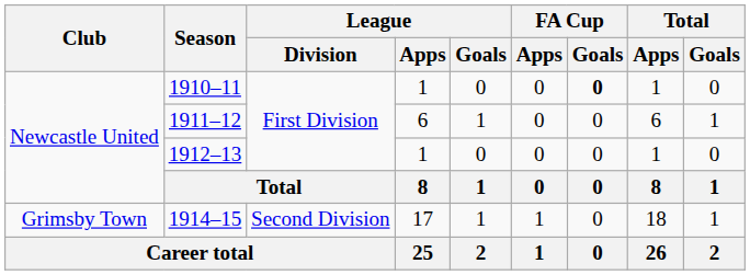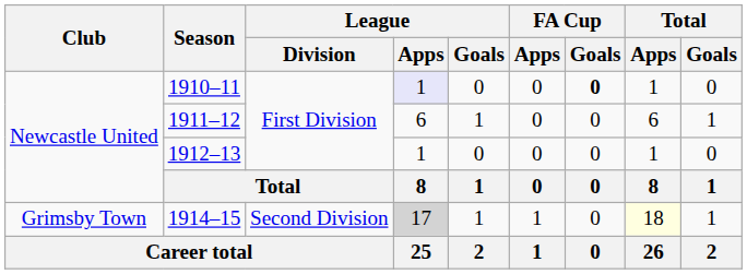 <table class="wikitable" style="text-align: center">
 <tr>
 <th rowspan="2">Club</th>
 <th rowspan="2">Season</th>
 <th colspan="3">League</th>
 <th colspan="2">FA Cup</th>
 <th colspan="2">Total</th>
 </tr>
 <tr>
 <th>Division</th>
 <th>Apps</th>
 <th>Goals</th>
 <th>Apps</th>
 <th>Goals</th>
 <th>Apps</th>
 <th>Goals</th>
 </tr>
 <tr>
 <td rowspan="4"><a href='#'>Newcastle United</a></td>
 <td><a href='#'>1910–11</a></td>
 <td rowspan="3"><a href='#'>First Division</a></td>
-<td>1</td>
+<td style="background: lavender;">1</td>
 <td>0</td>
 <td>0</td>
 <td><strong>0</strong></td>
 <td>1</td>
 <td>0</td>
 </tr>
 <tr>
 <td><a href='#'>1911–12</a></td>
 <td>6</td>
 <td>1</td>
 <td>0</td>
 <td>0</td>
 <td>6</td>
 <td>1</td>
 </tr>
 <tr>
 <td><a href='#'>1912–13</a></td>
 <td>1</td>
 <td>0</td>
 <td>0</td>
 <td>0</td>
 <td>1</td>
 <td>0</td>
 </tr>
 <tr>
 <th colspan="2">Total</th>
 <th>8</th>
 <th>1</th>
 <th>0</th>
 <th>0</th>
 <th>8</th>
 <th>1</th>
 </tr>
 <tr>
 <td><a href='#'>Grimsby Town</a></td>
 <td><a href='#'>1914–15</a></td>
 <td><a href='#'>Second Division</a></td>
-<td>17</td>
+<td style="background: lightgrey;">17</td>
 <td>1</td>
 <td>1</td>
 <td>0</td>
-<td>18</td>
+<td style="background: lightyellow;">18</td>
 <td>1</td>
 </tr>
 <tr>
 <th colspan="3">Career total</th>
 <th>25</th>
 <th>2</th>
 <th>1</th>
 <th>0</th>
 <th>26</th>
 <th>2</th>
 </tr>
 </table>
